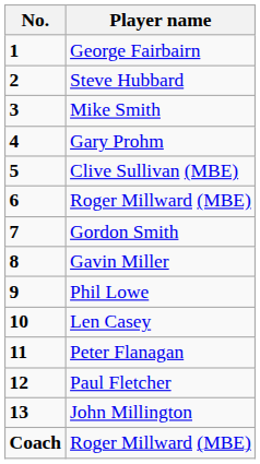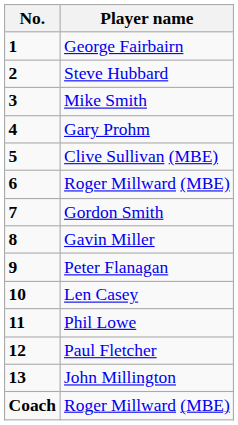 <table class="wikitable">
 <tr>
 <th>No.</th>
 <th>Player name</th>
 </tr>
 <tr>
 <td><strong>1</strong></td>
 <td><a href='#'>George Fairbairn</a></td>
 </tr>
 <tr>
 <td><strong>2</strong></td>
 <td><a href='#'>Steve Hubbard</a></td>
 </tr>
 <tr>
 <td><strong>3</strong></td>
 <td><a href='#'>Mike Smith</a></td>
 </tr>
 <tr>
 <td><strong>4</strong></td>
 <td><a href='#'>Gary Prohm</a></td>
 </tr>
 <tr>
 <td><strong>5</strong></td>
 <td><a href='#'>Clive Sullivan</a> <a href='#'>(MBE)</a></td>
 </tr>
 <tr>
 <td><strong>6</strong></td>
 <td><a href='#'>Roger Millward</a> <a href='#'>(MBE)</a></td>
 </tr>
 <tr>
 <td><strong>7</strong></td>
 <td><a href='#'>Gordon Smith</a></td>
 </tr>
 <tr>
 <td><strong>8</strong></td>
 <td><a href='#'>Gavin Miller</a></td>
 </tr>
 <tr>
 <td><strong>9</strong></td>
-<td><a href='#'>Phil Lowe</a></td>
+<td><a href='#'>Peter Flanagan</a></td>
 </tr>
 <tr>
 <td><strong>10</strong></td>
 <td><a href='#'>Len Casey</a></td>
 </tr>
 <tr>
 <td><strong>11</strong></td>
-<td><a href='#'>Peter Flanagan</a></td>
+<td><a href='#'>Phil Lowe</a></td>
 </tr>
 <tr>
 <td><strong>12</strong></td>
 <td><a href='#'>Paul Fletcher</a></td>
 </tr>
 <tr>
 <td><strong>13</strong></td>
 <td><a href='#'>John Millington</a></td>
 </tr>
 <tr>
 <td><strong>Coach</strong></td>
 <td><a href='#'>Roger Millward</a> <a href='#'>(MBE)</a></td>
 </tr>
 </table>
